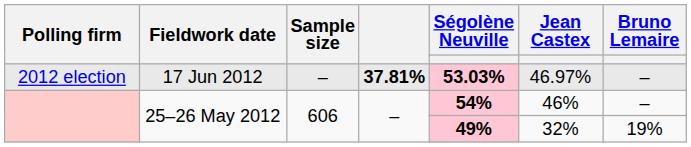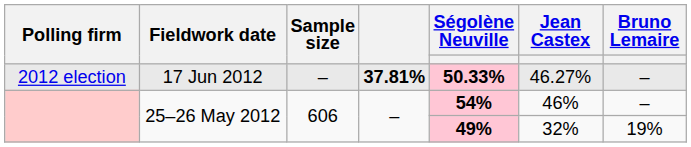 <table class="wikitable sortable" style="text-align:center;font-size:90%;line-height:14px;">
 <tr style="height:40px;">
 <th style="width:100px;" rowspan="2">Polling firm</th>
 <th style="width:110px;" rowspan="2">Fieldwork date</th>
 <th style="width:35px;" rowspan="2">Sample<br>size</th>
 <th style="width:30px;" rowspan="2"></th>
 <th class="unsortable" style="width:60px;"><a href='#'>Ségolène Neuville</a><br></th>
 <th class="unsortable" style="width:60px;"><a href='#'>Jean Castex</a><br></th>
 <th class="unsortable" style="width:60px;"><a href='#'>Bruno Lemaire</a><br></th>
 </tr>
 <tr>
 <th style="background:"></th>
 <th style="background:"></th>
 <th style="background:"></th>
 </tr>
 <tr style="background:#E9E9E9;">
 <td><a href='#'>2012 election</a></td>
 <td data-sort-value="2012-06-17">17 Jun 2012</td>
 <td>–</td>
 <td><strong>37.81%</strong></td>
-<td style="background:#FFC6D5;"><strong>53.03%</strong></td>
-<td>46.97%</td>
+<td style="background:#FFC6D5;"><strong>50.33%</strong></td>
+<td>46.27%</td>
 <td>–</td>
 </tr>
 <tr>
 <td rowspan="2" style="background:#FFCCCC;"></td>
 <td rowspan="2" data-sort-value="2012-05-26">25–26 May 2012</td>
 <td rowspan="2">606</td>
 <td rowspan="2">–</td>
 <td style="background:#FFC6D5;"><strong>54%</strong></td>
 <td>46%</td>
 <td>–</td>
 </tr>
 <tr>
 <td style="background:#FFC6D5;"><strong>49%</strong></td>
 <td>32%</td>
 <td>19%</td>
 </tr>
 </table>
